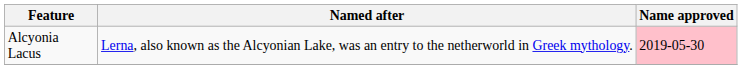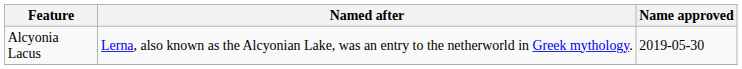 <table class="wikitable">
 <tr>
 <th width=100>Feature</th>
 <th>Named after</th>
 <th>Name approved<br></th>
 </tr>
 <tr>
 <td>Alcyonia Lacus</td>
 <td><a href='#'>Lerna</a>, also known as the Alcyonian Lake, was an entry to the netherworld in <a href='#'>Greek mythology</a>.</td>
-<td style="background: pink;">2019-05-30</td>
+<td>2019-05-30</td>
 </tr>
 <tr>
 </tr>
 </table>
